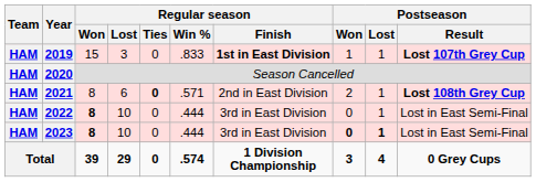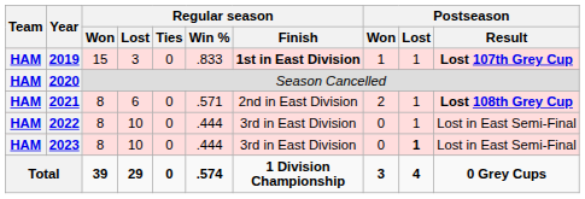 <table class="wikitable" style="font-size: 95%; text-align:center;">
 <tr>
 <th rowspan="2">Team</th>
 <th rowspan="2">Year</th>
 <th colspan="5">Regular season</th>
 <th colspan="4">Postseason</th>
 </tr>
 <tr>
 <th>Won</th>
 <th>Lost</th>
 <th>Ties</th>
 <th>Win %</th>
 <th>Finish</th>
 <th>Won</th>
 <th>Lost</th>
 <th>Result</th>
 </tr>
 <tr style="background:#fdd;">
 <th><a href='#'>HAM</a></th>
 <th><a href='#'>2019</a></th>
 <td>15</td>
 <td>3</td>
 <td>0</td>
 <td>.833</td>
 <td><strong>1st in East Division</strong></td>
 <td>1</td>
 <td>1</td>
 <td><strong>Lost <a href='#'>107th Grey Cup</a></strong></td>
 </tr>
 <tr ! style="background:#ddd;">
 <th><a href='#'>HAM</a></th>
 <th><a href='#'>2020</a></th>
 <td align="center" colSpan="8"><em>Season Cancelled</em></td>
 </tr>
 <tr style="background:#fdd;">
 <th><a href='#'>HAM</a></th>
 <th><a href='#'>2021</a></th>
 <td>8</td>
 <td>6</td>
-<td><strong>0</strong></td>
+<td>0</td>
 <td>.571</td>
 <td>2nd in East Division</td>
 <td>2</td>
 <td>1</td>
 <td><strong>Lost <a href='#'>108th Grey Cup</a> </strong></td>
 </tr>
 <tr style="background:#fdd;">
 <th><a href='#'>HAM</a></th>
 <th><a href='#'>2022</a></th>
-<td><strong>8</strong></td>
+<td>8</td>
 <td>10</td>
 <td>0</td>
 <td>.444</td>
 <td>3rd in East Division</td>
 <td>0</td>
 <td>1</td>
 <td>Lost in East Semi-Final</td>
 </tr>
 <tr style="background:#fdd;">
 <th><a href='#'>HAM</a></th>
 <th><a href='#'>2023</a></th>
-<td><strong>8</strong></td>
+<td>8</td>
 <td>10</td>
 <td>0</td>
 <td>.444</td>
 <td>3rd in East Division</td>
-<td><strong>0</strong></td>
+<td>0</td>
 <td><strong>1</strong></td>
 <td>Lost in East Semi-Final</td>
 </tr>
 <tr>
 <th colspan="2"><strong>Total</strong></th>
 <td><strong>39</strong></td>
 <td><strong>29</strong></td>
 <td><strong>0</strong></td>
 <td><strong>.574</strong></td>
 <td><strong>1 Division<br>Championship</strong></td>
 <td><strong>3</strong></td>
 <td><strong>4</strong></td>
 <td><strong>0 Grey Cups</strong></td>
 </tr>
 </table>
